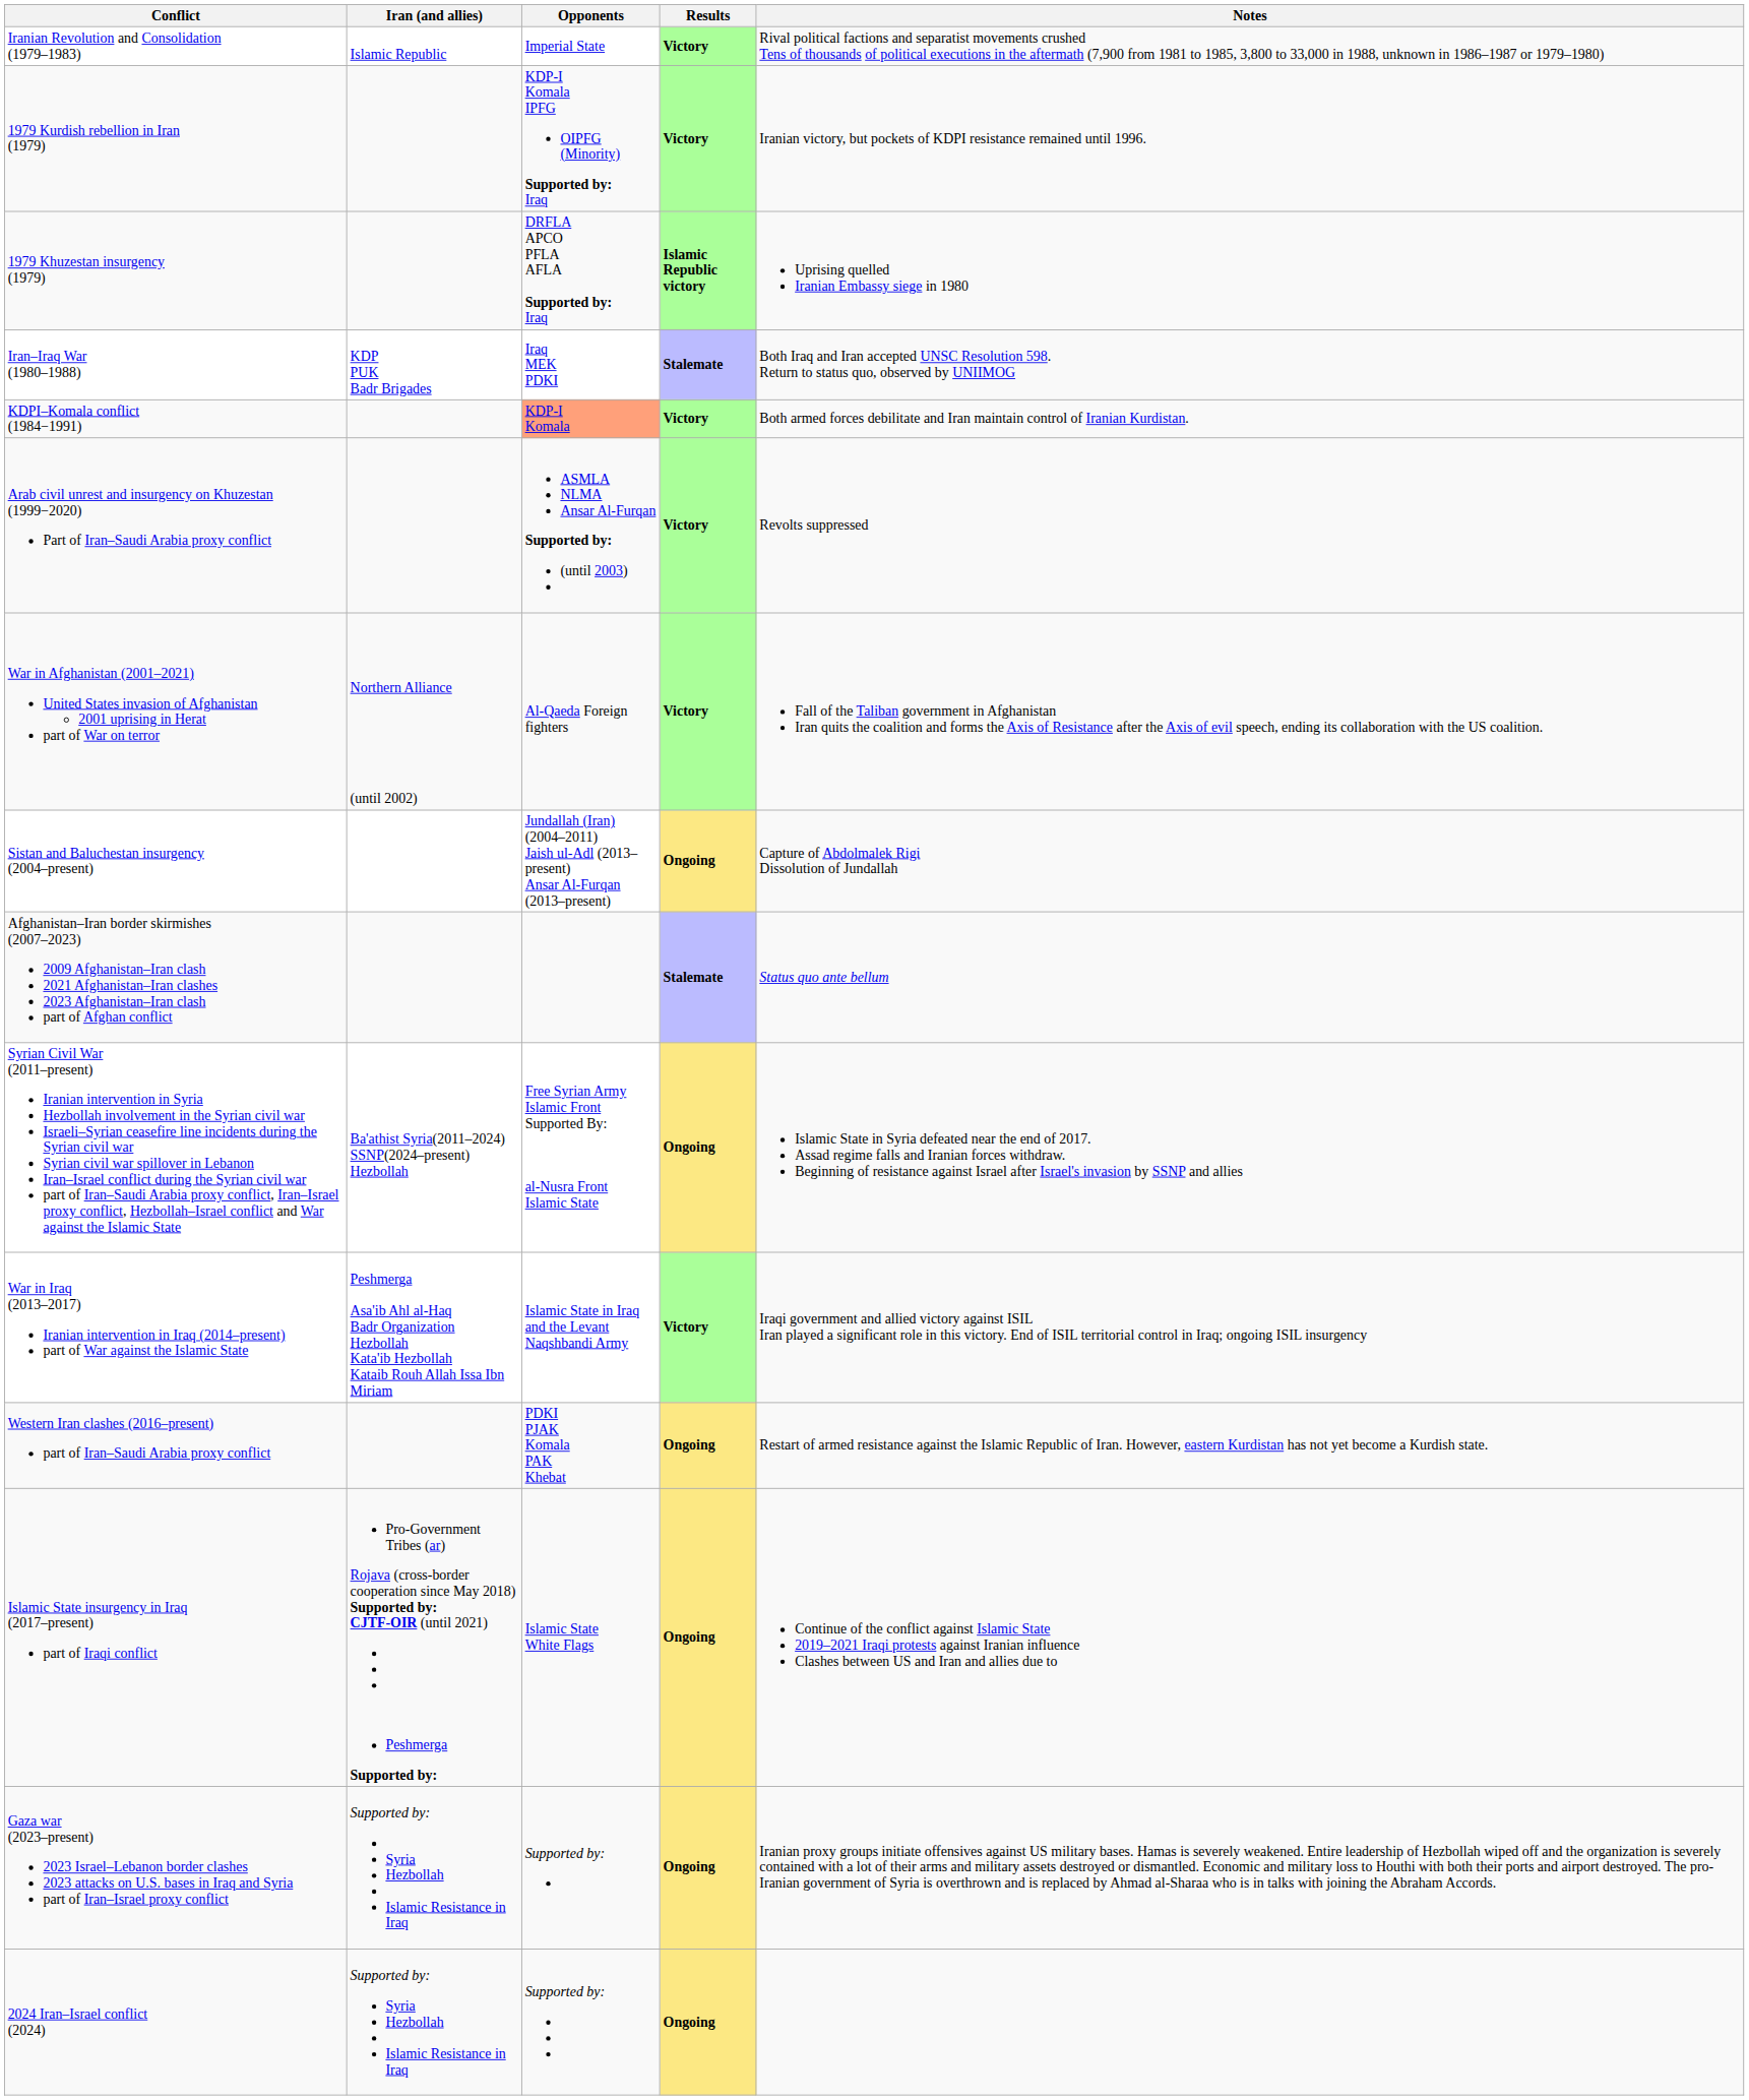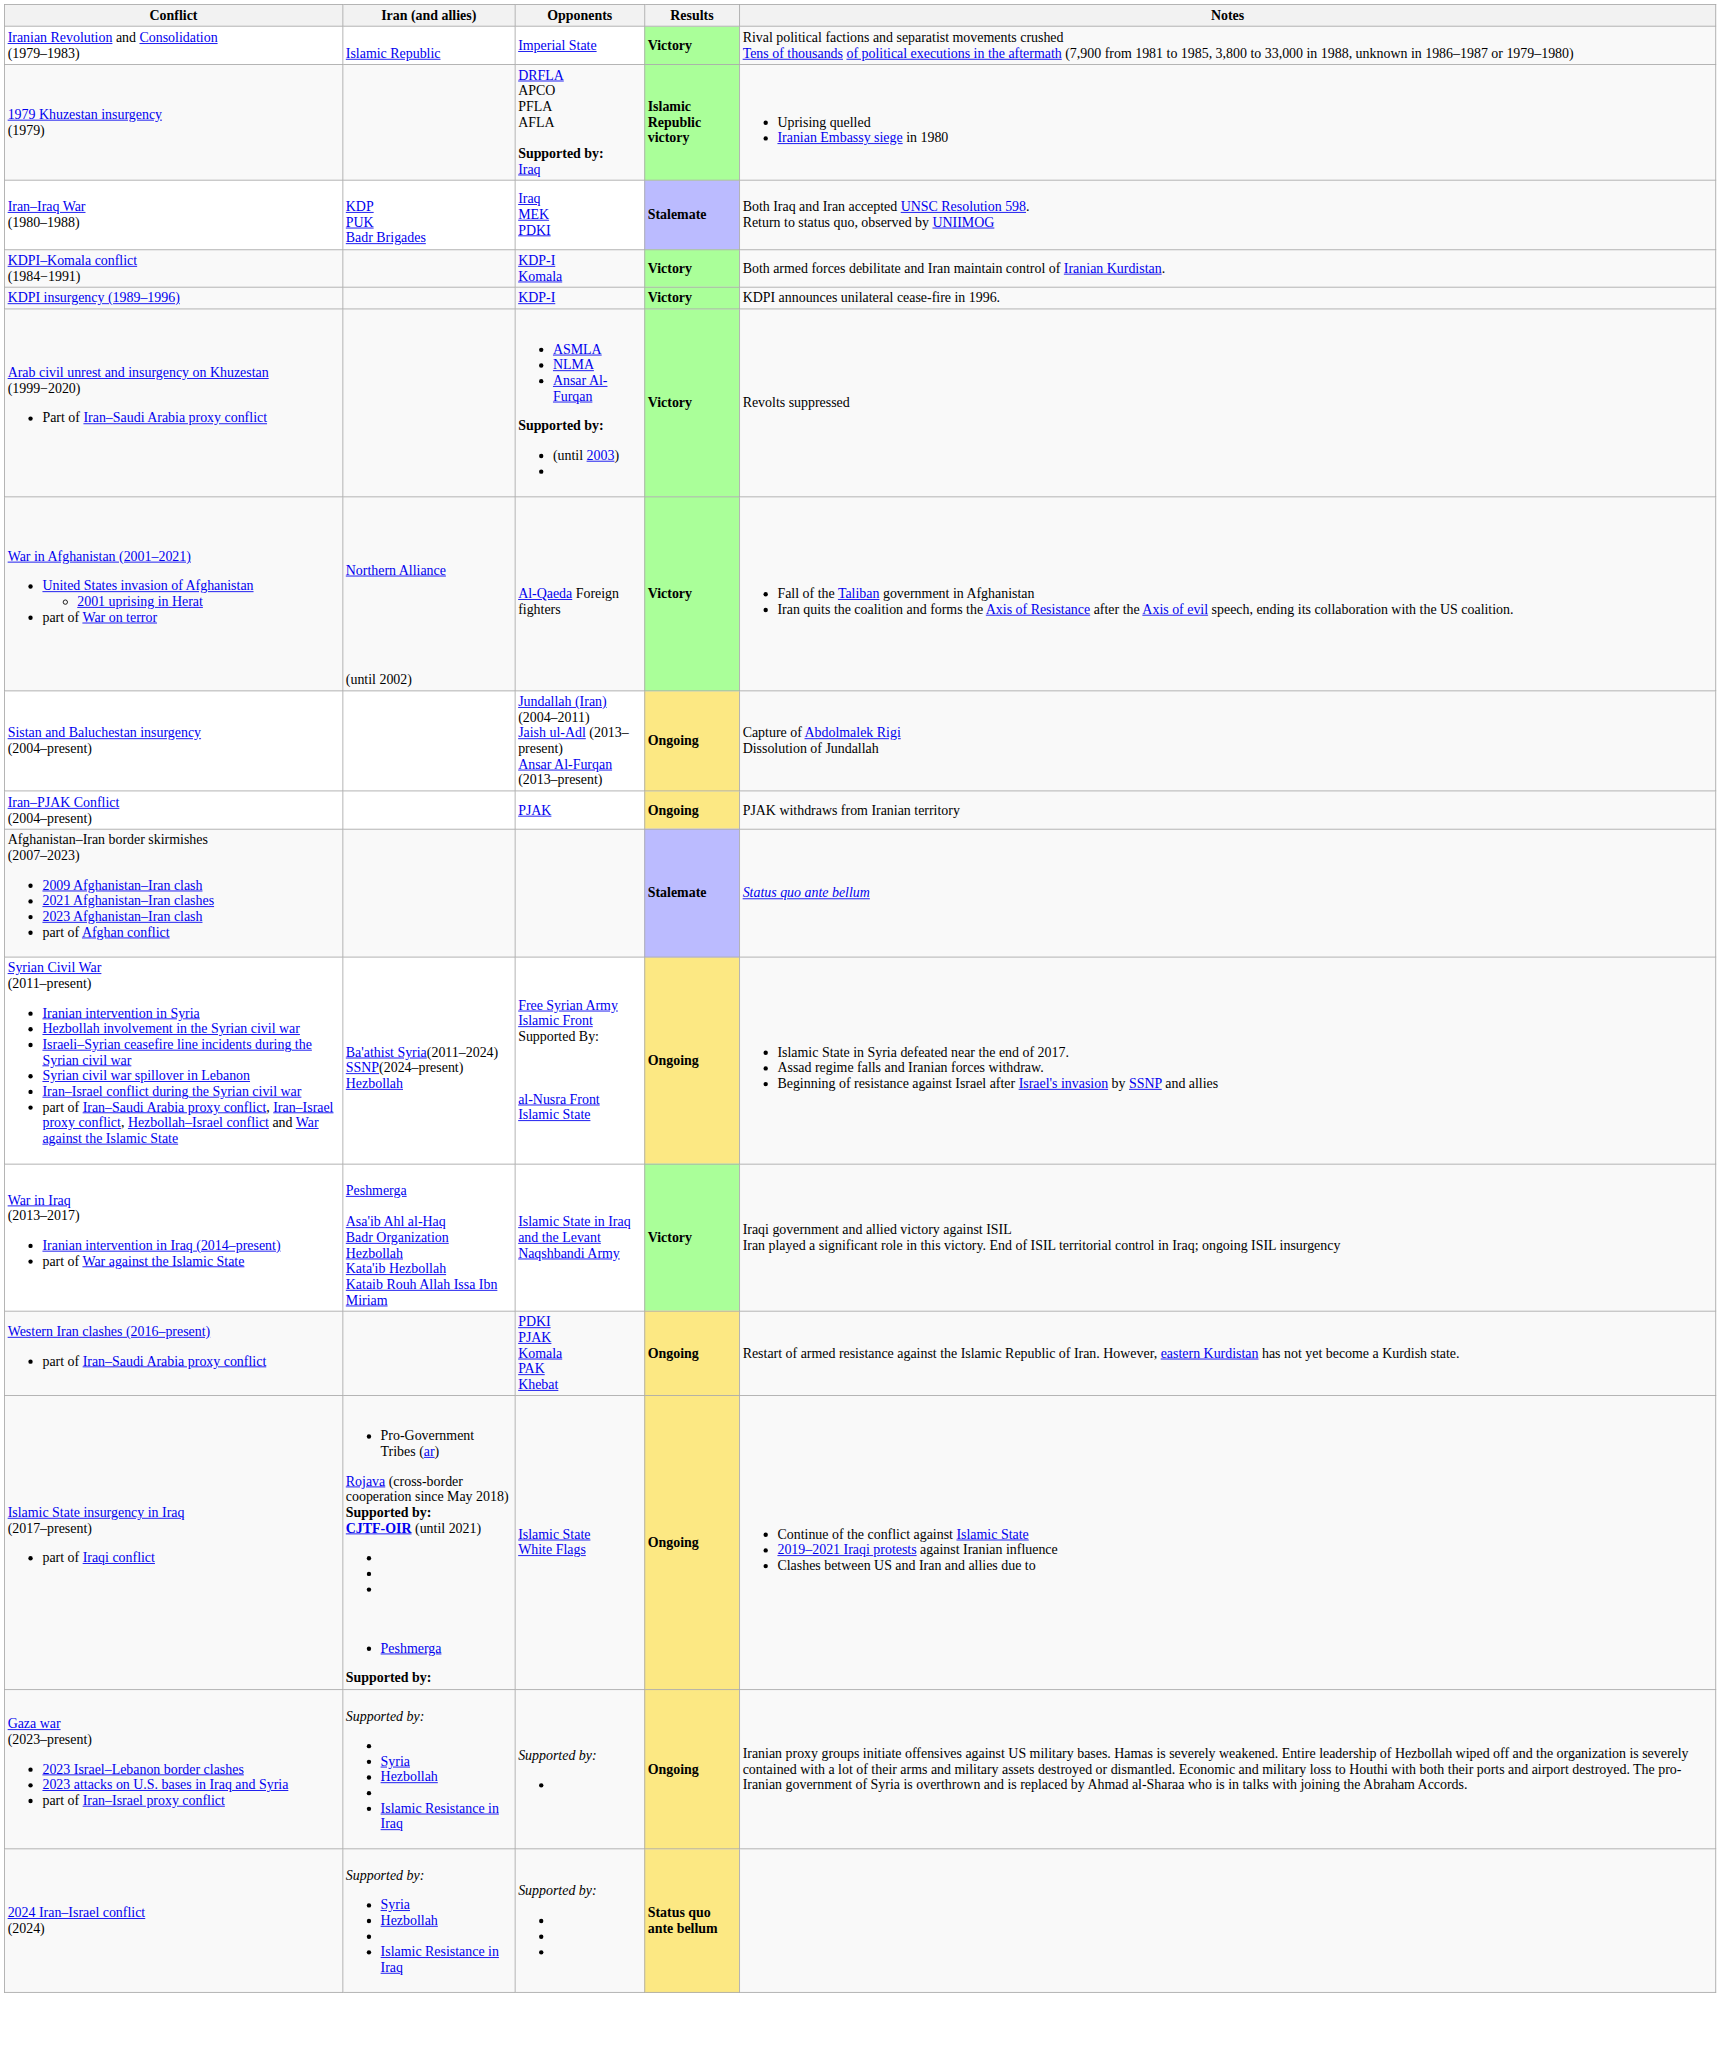 <table class="wikitable">
 <tr>
 <th>Conflict</th>
 <th>Iran (and allies)</th>
 <th>Opponents</th>
 <th>Results</th>
 <th>Notes</th>
 </tr>
 <tr>
 <td style="background:#ffffff"><a href='#'>Iranian Revolution</a> and <a href='#'>Consolidation</a><br>(1979–1983)</td>
 <td style="background:#ffffff"><br> <a href='#'>Islamic Republic</a></td>
 <td style="background:#ffffff"> <a href='#'>Imperial State</a></td>
 <td style="background:#AF9"><strong>Victory</strong></td>
 <td>Rival political factions and separatist movements crushed<br><a href='#'>Tens of thousands</a> <a href='#'>of political executions in the aftermath</a> (7,900 from 1981 to 1985, 3,800 to 33,000 in 1988, unknown in 1986–1987 or 1979–1980)</td>
-</tr>
-<tr>
-<td><a href='#'>1979 Kurdish rebellion in Iran</a><br> (1979)</td>
-<td></td>
-<td> <a href='#'>KDP-I</a><br> <a href='#'>Komala</a><br><a href='#'>IPFG</a><br><ul><li> <a href='#'>OIPFG (Minority)</a></li></ul><strong>Supported by:</strong><br> <a href='#'>Iraq</a></td>
-<td style="background:#AF9"><strong>Victory</strong></td>
-<td>Iranian victory, but pockets of KDPI resistance remained until 1996.</td>
 </tr>
 <tr>
 <td><a href='#'>1979 Khuzestan insurgency</a><br> (1979)</td>
 <td></td>
 <td> <a href='#'>DRFLA</a><br> <abbr>APCO</abbr><br> <abbr>PFLA</abbr><br> <abbr>AFLA</abbr><br><br><strong>Supported by:</strong><br> <a href='#'>Iraq</a></td>
 <td style="background:#AF9"><strong>Islamic Republic victory</strong></td>
 <td><br><ul><li>Uprising quelled</li><li><a href='#'>Iranian Embassy siege</a> in 1980</li></ul></td>
 </tr>
 <tr>
 <td style="background:#ffffff"><a href='#'>Iran–Iraq War</a> <br>(1980–1988)</td>
 <td style="background:#ffffff"> <br> <a href='#'>KDP</a><br> <a href='#'>PUK</a><br> <a href='#'>Badr Brigades</a></td>
 <td style="background:#ffffff"> <a href='#'>Iraq</a> <br> <a href='#'>MEK</a><br> <a href='#'>PDKI</a></td>
 <td style="background:#BBF"><strong>Stalemate</strong></td>
 <td>Both Iraq and Iran accepted <a href='#'>UNSC Resolution 598</a>.<br>Return to status quo, observed by <a href='#'>UNIIMOG</a></td>
 </tr>
 <tr>
 <td><a href='#'>KDPI–Komala conflict</a><br>(1984−1991)</td>
 <td></td>
-<td style="background: lightsalmon;"> <a href='#'>KDP-I</a><br> <a href='#'>Komala</a></td>
+<td> <a href='#'>KDP-I</a><br> <a href='#'>Komala</a></td>
 <td style="background:#AF9"><strong>Victory</strong></td>
 <td>Both armed forces debilitate and Iran maintain control of <a href='#'>Iranian Kurdistan</a>.</td>
+</tr>
+<tr>
+<td><a href='#'>KDPI insurgency (1989–1996)</a></td>
+<td></td>
+<td> <a href='#'>KDP-I</a></td>
+<td style="background:#AF9"><strong>Victory</strong></td>
+<td>KDPI announces unilateral cease-fire in 1996.</td>
 </tr>
 <tr>
 <td><a href='#'>Arab civil unrest and insurgency on Khuzestan</a><br>(1999−2020)<ul><li>Part of <a href='#'>Iran–Saudi Arabia proxy conflict</a></li></ul></td>
 <td></td>
 <td><br><ul><li> <a href='#'>ASMLA</a></li><li> <a href='#'>NLMA</a></li><li> <a href='#'>Ansar Al-Furqan</a></li></ul><strong>Supported by:</strong><ul><li> (until <a href='#'>2003</a>)</li><li></li></ul></td>
 <td style="background:#AF9"><strong>Victory</strong></td>
 <td>Revolts suppressed</td>
 </tr>
 <tr>
 <td><a href='#'>War in Afghanistan (2001–2021)</a><br><ul><li><a href='#'>United States invasion of Afghanistan</a><ul><li><a href='#'>2001 uprising in Herat</a></li></ul></li><li>part of <a href='#'>War on terror</a></li></ul></td>
 <td><br><br><br> <br> <a href='#'>Northern Alliance</a><br> <br> <br> <br> <br> <br> <br> (until 2002)</td>
 <td><br> <a href='#'>Al-Qaeda</a> Foreign fighters</td>
 <td style="background:#AF9"><strong>Victory</strong></td>
 <td><br><ul><li>Fall of the <a href='#'>Taliban</a> government in Afghanistan</li><li>Iran quits the coalition and forms the <a href='#'>Axis of Resistance</a> after the <a href='#'>Axis of evil</a> speech, ending its collaboration with the US coalition.</li></ul></td>
 </tr>
 <tr>
 <td style="background:#ffffff"><a href='#'>Sistan and Baluchestan insurgency</a><br>(2004–present)</td>
 <td style="background:#ffffff"></td>
 <td style="background:#ffffff"><a href='#'>Jundallah (Iran)</a> (2004–2011) <br> <a href='#'>Jaish ul-Adl</a> (2013–present) <br> <a href='#'>Ansar Al-Furqan</a> (2013–present)</td>
 <td style="background:#FCE883"><strong>Ongoing</strong></td>
 <td>Capture of <a href='#'>Abdolmalek Rigi</a><br>Dissolution of Jundallah</td>
+</tr>
+<tr>
+<td style="background:#ffffff"><a href='#'>Iran–PJAK Conflict</a><br>(2004–present)</td>
+<td style="background:#ffffff"> <br></td>
+<td style="background:#ffffff"> <a href='#'>PJAK</a></td>
+<td style="background:#FCE883"><strong>Ongoing</strong></td>
+<td>PJAK withdraws from Iranian territory</td>
 </tr>
 <tr>
 <td>Afghanistan–Iran border skirmishes<br>(2007–2023)<ul><li><a href='#'>2009 Afghanistan–Iran clash</a></li><li><a href='#'>2021 Afghanistan–Iran clashes</a></li><li><a href='#'>2023 Afghanistan–Iran clash</a></li><li>part of <a href='#'>Afghan conflict</a></li></ul></td>
 <td></td>
 <td></td>
 <td style="background:#BBF"><strong>Stalemate</strong></td>
 <td><em><a href='#'>Status quo ante bellum</a></em></td>
 </tr>
 <tr>
 <td style="background:#ffffff"><a href='#'>Syrian Civil War</a><br>(2011–present)<br><ul><li><a href='#'>Iranian intervention in Syria</a></li><li><a href='#'>Hezbollah involvement in the Syrian civil war</a></li><li><a href='#'>Israeli–Syrian ceasefire line incidents during the Syrian civil war</a></li><li><a href='#'>Syrian civil war spillover in Lebanon</a></li><li><a href='#'>Iran–Israel conflict during the Syrian civil war</a></li><li>part of <a href='#'>Iran–Saudi Arabia proxy conflict</a>, <a href='#'>Iran–Israel proxy conflict</a>, <a href='#'>Hezbollah–Israel conflict</a> and <a href='#'>War against the Islamic State</a></li></ul></td>
 <td style="background:#ffffff"><br> <a href='#'>Ba'athist Syria</a>(2011–2024)<br> <a href='#'>SSNP</a>(2024–present)<br> <a href='#'>Hezbollah</a><br></td>
 <td style="background:#ffffff"> <a href='#'>Free Syrian Army</a><br> <a href='#'>Islamic Front</a><br>Supported By:<br><br><br><br> <a href='#'>al-Nusra Front</a><br> <a href='#'>Islamic State</a></td>
 <td style="background:#FCE883"><strong>Ongoing</strong></td>
 <td><br><ul><li>Islamic State in Syria defeated near the end of 2017.</li><li>Assad regime falls and Iranian forces withdraw.</li><li>Beginning of resistance against Israel after <a href='#'>Israel's invasion</a> by <a href='#'>SSNP</a> and allies</li></ul></td>
 </tr>
 <tr>
 <td style="background:#ffffff"><a href='#'>War in Iraq</a><br>(2013–2017)<br><ul><li><a href='#'>Iranian intervention in Iraq (2014–present)</a></li><li>part of <a href='#'>War against the Islamic State</a></li></ul></td>
 <td style="background:#ffffff"><br> <a href='#'>Peshmerga</a><br><br><a href='#'>Asa'ib Ahl al-Haq</a><br> <a href='#'>Badr Organization</a><br> <a href='#'>Hezbollah</a><br> <a href='#'>Kata'ib Hezbollah</a><br> <a href='#'>Kataib Rouh Allah Issa Ibn Miriam</a><br></td>
 <td style="background:#ffffff"> <a href='#'>Islamic State in Iraq and the Levant</a><br> <a href='#'>Naqshbandi Army</a></td>
 <td style="background:#AF9"><strong>Victory</strong></td>
 <td>Iraqi government and allied victory against ISIL<br>Iran played a significant role in this victory. End of ISIL territorial control in Iraq; ongoing ISIL insurgency</td>
 </tr>
 <tr>
 <td><a href='#'>Western Iran clashes (2016–present)</a><br><ul><li>part of <a href='#'>Iran–Saudi Arabia proxy conflict</a></li></ul></td>
 <td></td>
 <td> <a href='#'>PDKI</a><br> <a href='#'>PJAK</a><br> <a href='#'>Komala</a><br> <a href='#'>PAK</a><br><a href='#'>Khebat</a></td>
 <td style="background:#FCE883"><strong>Ongoing</strong></td>
 <td>Restart of armed resistance against the Islamic Republic of Iran. However, <a href='#'>eastern Kurdistan</a> has not yet become a Kurdish state.</td>
 </tr>
 <tr>
 <td><a href='#'>Islamic State insurgency in Iraq</a><br>(2017–present)<ul><li>part of <a href='#'>Iraqi conflict</a></li></ul></td>
 <td><br><ul><li> Pro-Government Tribes (<a href='#'>ar</a>)</li></ul> <a href='#'>Rojava</a> (cross-border cooperation since May 2018)<br><strong>Supported by:</strong><br> <strong><a href='#'>CJTF-OIR</a></strong> (until 2021)<ul><li></li><li></li><li></li></ul><br><ul><li><a href='#'>Peshmerga</a></li></ul><strong>Supported by:</strong><br></td>
 <td> <a href='#'>Islamic State</a><br> <a href='#'>White Flags</a></td>
 <td style="background:#FCE883"><strong>Ongoing</strong></td>
 <td><br><ul><li>Continue of the conflict against <a href='#'>Islamic State</a></li><li><a href='#'>2019–2021 Iraqi protests</a> against Iranian influence</li><li>Clashes between US and Iran and allies due to</li></ul></td>
 </tr>
 <tr>
 <td><a href='#'>Gaza war</a><br>(2023–present)<ul><li><a href='#'>2023 Israel–Lebanon border clashes</a></li><li><a href='#'>2023 attacks on U.S. bases in Iraq and Syria</a></li><li>part of <a href='#'>Iran–Israel proxy conflict</a></li></ul></td>
 <td><br><em>Supported by:</em><br><ul><li></li><li> <a href='#'>Syria</a></li><li> <a href='#'>Hezbollah</a></li><li></li><li><a href='#'>Islamic Resistance in Iraq</a></li></ul></td>
 <td><br><em>Supported by:</em><br><ul><li></li></ul></td>
 <td style="background:#FCE883"><strong>Ongoing</strong></td>
 <td>Iranian proxy groups initiate offensives against US military bases. Hamas is severely weakened. Entire leadership of Hezbollah wiped off and the organization is severely contained with a lot of their arms and military assets destroyed or dismantled. Economic and military loss to Houthi with both their ports and airport destroyed. The pro-Iranian government of Syria is overthrown and is replaced by Ahmad al-Sharaa who is in talks with joining the Abraham Accords.</td>
 </tr>
 <tr>
 <td><a href='#'>2024 Iran–Israel conflict</a><br>(2024)</td>
 <td><br><em>Supported by:</em><br><ul><li> <a href='#'>Syria</a></li><li> <a href='#'>Hezbollah</a></li><li></li><li><a href='#'>Islamic Resistance in Iraq</a></li></ul></td>
 <td><br><em>Supported by:</em><br><ul><li></li><li></li><li></li></ul></td>
-<td style="background:#FCE883"><strong>Ongoing</strong></td>
+<td style="background:#FCE883"><strong>Status quo ante bellum</strong></td>
 <td></td>
 </tr>
 </table>
